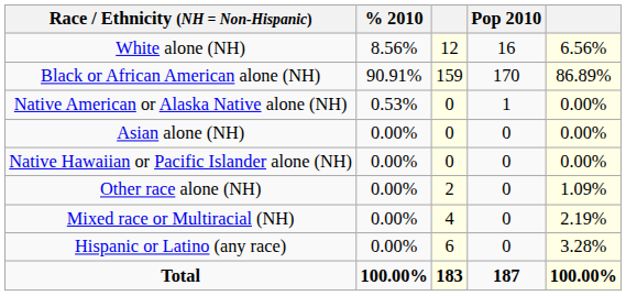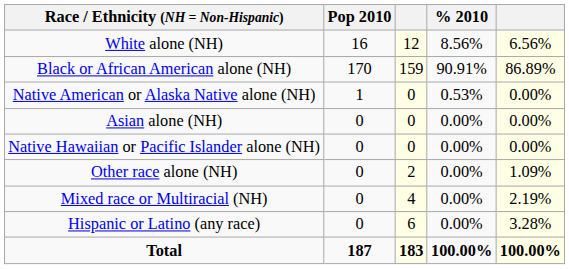 <table class="wikitable" style="text-align:center;">
 <tr>
 <th>Race / Ethnicity <small>(<em>NH = Non-Hispanic</em>)</small></th>
+<th>Pop 2010</th>
+<th></th>
 <th>% 2010</th>
-<th></th>
-<th>Pop 2010</th>
 <th></th>
 </tr>
 <tr>
 <td><a href='#'>White</a> alone (NH)</td>
+<td>16</td>
+<td style='background: #ffffe6;'>12</td>
 <td>8.56%</td>
-<td style='background: #ffffe6;'>12</td>
-<td>16</td>
 <td style='background: #ffffe6;'>6.56%</td>
 </tr>
 <tr>
 <td><a href='#'>Black or African American</a> alone (NH)</td>
+<td>170</td>
+<td style='background: #ffffe6;'>159</td>
 <td>90.91%</td>
-<td style='background: #ffffe6;'>159</td>
-<td>170</td>
 <td style='background: #ffffe6;'>86.89%</td>
 </tr>
 <tr>
 <td><a href='#'>Native American</a> or <a href='#'>Alaska Native</a> alone (NH)</td>
+<td>1</td>
+<td style='background: #ffffe6;'>0</td>
 <td>0.53%</td>
-<td style='background: #ffffe6;'>0</td>
-<td>1</td>
 <td style='background: #ffffe6;'>0.00%</td>
 </tr>
 <tr>
 <td><a href='#'>Asian</a> alone (NH)</td>
+<td>0</td>
+<td style='background: #ffffe6;'>0</td>
 <td>0.00%</td>
-<td style='background: #ffffe6;'>0</td>
-<td>0</td>
 <td style='background: #ffffe6;'>0.00%</td>
 </tr>
 <tr>
 <td><a href='#'>Native Hawaiian</a> or <a href='#'>Pacific Islander</a> alone (NH)</td>
+<td>0</td>
+<td style='background: #ffffe6;'>0</td>
 <td>0.00%</td>
-<td style='background: #ffffe6;'>0</td>
-<td>0</td>
 <td style='background: #ffffe6;'>0.00%</td>
 </tr>
 <tr>
 <td><a href='#'>Other race</a> alone (NH)</td>
+<td>0</td>
+<td style='background: #ffffe6;'>2</td>
 <td>0.00%</td>
-<td style='background: #ffffe6;'>2</td>
-<td>0</td>
 <td style='background: #ffffe6;'>1.09%</td>
 </tr>
 <tr>
 <td><a href='#'>Mixed race or Multiracial</a> (NH)</td>
+<td>0</td>
+<td style='background: #ffffe6;'>4</td>
 <td>0.00%</td>
-<td style='background: #ffffe6;'>4</td>
-<td>0</td>
 <td style='background: #ffffe6;'>2.19%</td>
 </tr>
 <tr>
 <td><a href='#'>Hispanic or Latino</a> (any race)</td>
+<td>0</td>
+<td style='background: #ffffe6;'>6</td>
 <td>0.00%</td>
-<td style='background: #ffffe6;'>6</td>
-<td>0</td>
 <td style='background: #ffffe6;'>3.28%</td>
 </tr>
 <tr>
 <td><strong>Total</strong></td>
+<td><strong>187</strong></td>
+<td style='background: #ffffe6;'><strong>183</strong></td>
 <td><strong>100.00%</strong></td>
-<td style='background: #ffffe6;'><strong>183</strong></td>
-<td><strong>187</strong></td>
 <td style='background: #ffffe6;'><strong>100.00%</strong></td>
 </tr>
 </table>
